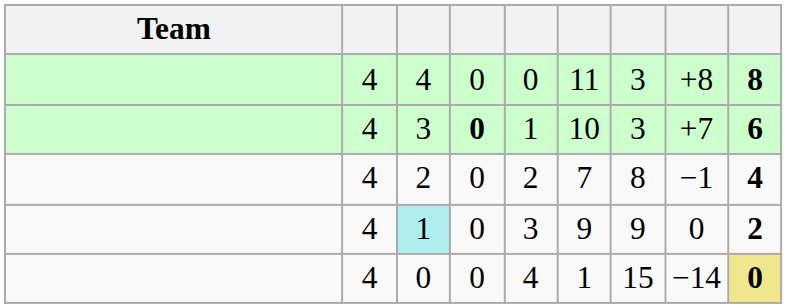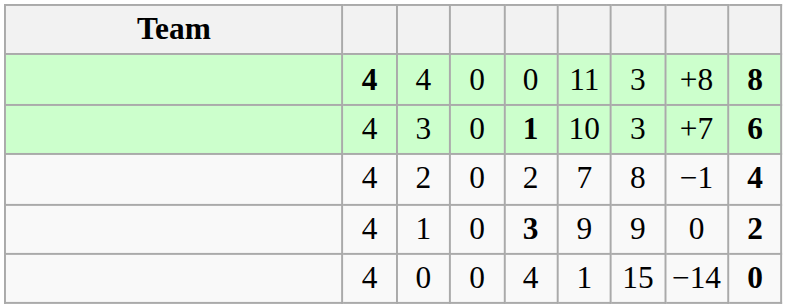 <table class="wikitable" style="text-align:center">
 <tr>
 <th width=165>Team</th>
 <th width=20></th>
 <th width=20></th>
 <th width=20></th>
 <th width=20></th>
 <th width=20></th>
 <th width=20></th>
 <th width=20></th>
 <th width=20></th>
 </tr>
 <tr style="background:#cfc;">
 <td align=left></td>
-<td>4</td>
+<td><strong>4</strong></td>
 <td>4</td>
 <td>0</td>
 <td>0</td>
 <td>11</td>
 <td>3</td>
 <td>+8</td>
 <td><strong>8</strong></td>
 </tr>
 <tr style="background:#cfc;">
 <td align=left></td>
 <td>4</td>
 <td>3</td>
-<td><strong>0</strong></td>
-<td>1</td>
+<td>0</td>
+<td><strong>1</strong></td>
 <td>10</td>
 <td>3</td>
 <td>+7</td>
 <td><strong>6</strong></td>
 </tr>
 <tr>
 <td align=left></td>
 <td>4</td>
 <td>2</td>
 <td>0</td>
 <td>2</td>
 <td>7</td>
 <td>8</td>
 <td>−1</td>
 <td><strong>4</strong></td>
 </tr>
 <tr>
 <td align=left></td>
 <td>4</td>
-<td style="background: paleturquoise;">1</td>
+<td>1</td>
 <td>0</td>
-<td>3</td>
+<td><strong>3</strong></td>
 <td>9</td>
 <td>9</td>
 <td>0</td>
 <td><strong>2</strong></td>
 </tr>
 <tr>
 <td align=left></td>
 <td>4</td>
 <td>0</td>
 <td>0</td>
 <td>4</td>
 <td>1</td>
 <td>15</td>
 <td>−14</td>
-<td style="background: khaki;"><strong>0</strong></td>
+<td><strong>0</strong></td>
 </tr>
 </table>
